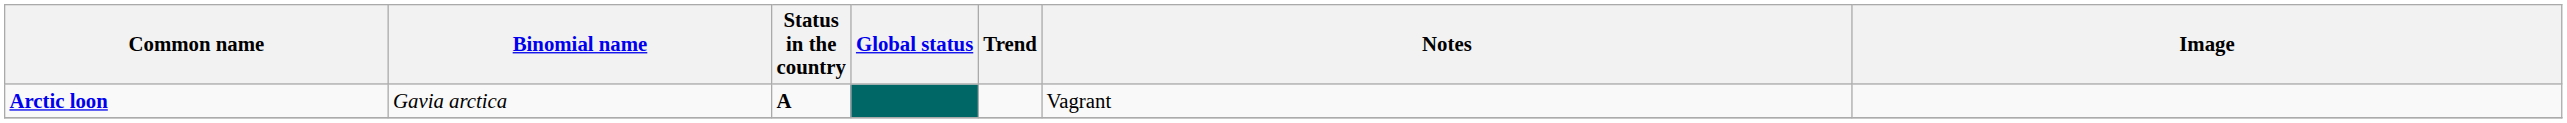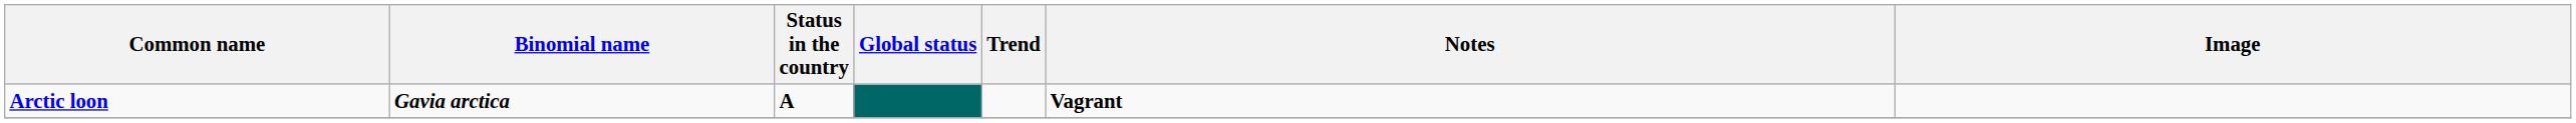 <table class="wikitable sortable">
 <tr>
 <th width="15%">Common name</th>
 <th width="15%"><a href='#'>Binomial name</a></th>
 <th width="1%">Status in the country</th>
 <th width="5%"><a href='#'>Global status</a></th>
 <th width="1%">Trend</th>
 <th class="unsortable">Notes</th>
 <th class="unsortable">Image</th>
 </tr>
 <tr>
 <td><strong><a href='#'>Arctic loon</a></strong></td>
-<td><em>Gavia arctica</em></td>
+<td><strong><em>Gavia arctica</em></strong></td>
 <td><strong>A</strong></td>
 <td align=center style="background: #006666"></td>
 <td align=center></td>
-<td>Vagrant</td>
+<td><strong>Vagrant</strong></td>
 <td></td>
 </tr>
 <tr>
 </tr>
 </table>
